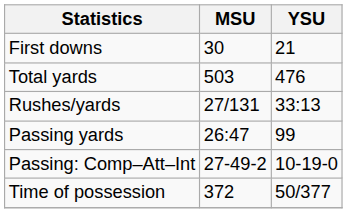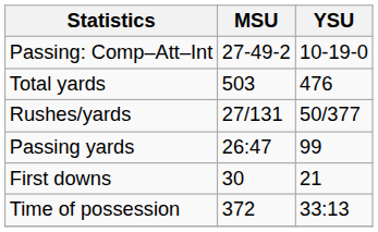 <table class="wikitable" style="float: left;">
 <tr>
 <th>Statistics</th>
 <th>MSU</th>
 <th>YSU</th>
 </tr>
 <tr>
-<td>First downs</td>
-<td>30</td>
-<td>21</td>
+<td>Passing: Comp–Att–Int</td>
+<td>27-49-2</td>
+<td>10-19-0</td>
 </tr>
 <tr>
 <td>Total yards</td>
 <td>503</td>
 <td>476</td>
 </tr>
 <tr>
 <td>Rushes/yards</td>
 <td>27/131</td>
-<td>33:13</td>
+<td>50/377</td>
 </tr>
 <tr>
 <td>Passing yards</td>
 <td>26:47</td>
 <td>99</td>
 </tr>
 <tr>
-<td>Passing: Comp–Att–Int</td>
-<td>27-49-2</td>
-<td>10-19-0</td>
+<td>First downs</td>
+<td>30</td>
+<td>21</td>
 </tr>
 <tr>
 <td>Time of possession</td>
 <td>372</td>
-<td>50/377</td>
+<td>33:13</td>
 </tr>
 <tr>
 </tr>
 </table>
